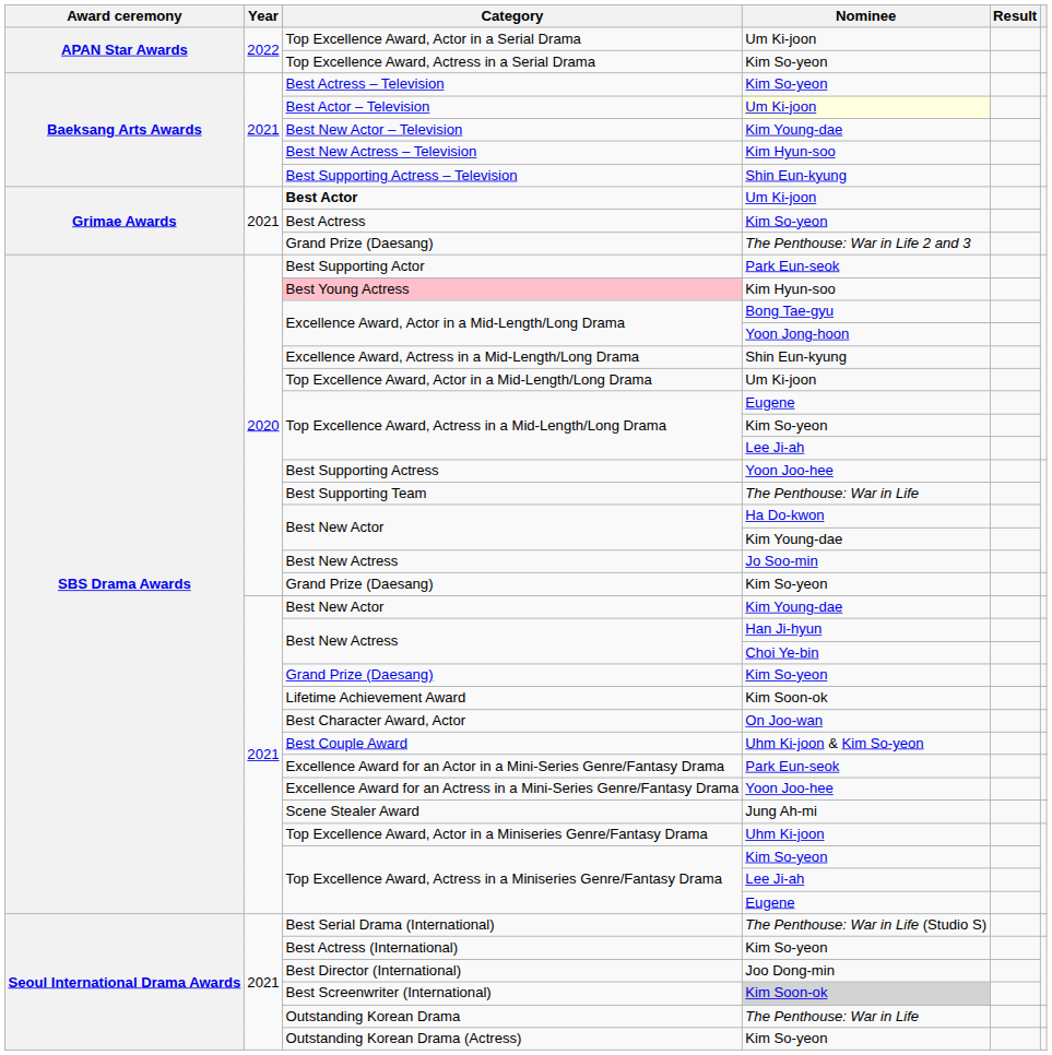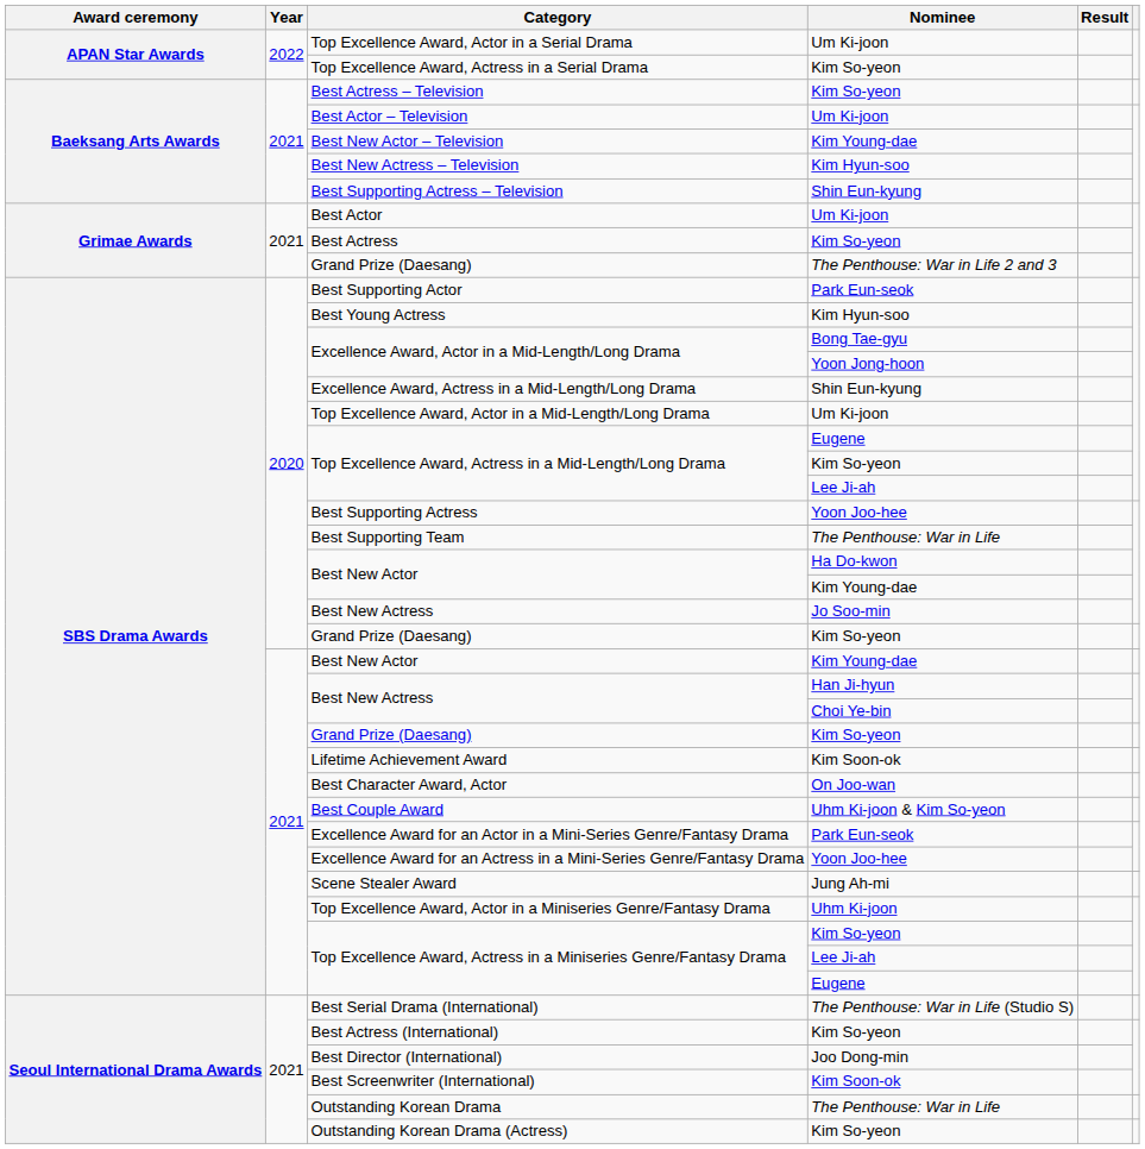 <table class="wikitable plainrowheaders sortable">
 <tr>
 <th scope="col">Award ceremony</th>
 <th scope="col">Year</th>
 <th scope="col">Category </th>
 <th scope="col">Nominee</th>
 <th scope="col">Result</th>
 <th scope="col" class="unsortable"></th>
 </tr>
 <tr>
 <th scope="row"  rowspan="2"><a href='#'>APAN Star Awards</a></th>
 <td rowspan="2" style="text-align:center"><a href='#'>2022</a></td>
 <td>Top Excellence Award, Actor in a Serial Drama</td>
 <td>Um Ki-joon</td>
 <td></td>
 <td rowspan="2" style="text-align:center"></td>
 </tr>
 <tr>
 <td>Top Excellence Award, Actress in a Serial Drama</td>
 <td>Kim So-yeon</td>
 <td></td>
 </tr>
 <tr>
 <th scope="row" rowspan="5"><a href='#'>Baeksang Arts Awards</a></th>
 <td rowspan="5" style="text-align:center"><a href='#'>2021</a></td>
 <td><a href='#'>Best Actress – Television</a></td>
 <td><a href='#'>Kim So-yeon</a></td>
 <td></td>
 <td style="text-align:center"></td>
 </tr>
 <tr>
 <td><a href='#'>Best Actor – Television</a></td>
-<td style="background: lightyellow;"><a href='#'>Um Ki-joon</a></td>
+<td><a href='#'>Um Ki-joon</a></td>
 <td></td>
 <td rowspan="4" style="text-align:center"></td>
 </tr>
 <tr>
 <td><a href='#'>Best New Actor – Television</a></td>
 <td><a href='#'>Kim Young-dae</a></td>
 <td></td>
 </tr>
 <tr>
 <td><a href='#'>Best New Actress – Television</a></td>
 <td><a href='#'>Kim Hyun-soo</a></td>
 <td></td>
 </tr>
 <tr>
 <td><a href='#'>Best Supporting Actress – Television</a></td>
 <td><a href='#'>Shin Eun-kyung</a></td>
 <td></td>
 </tr>
 <tr>
 <th scope="row" rowspan="3"><a href='#'>Grimae Awards</a></th>
 <td rowspan="3" style="text-align:center">2021</td>
-<td><strong>Best Actor</strong></td>
+<td>Best Actor</td>
 <td><a href='#'>Um Ki-joon</a></td>
 <td></td>
 <td rowspan="3" style="text-align:center"></td>
 </tr>
 <tr>
 <td>Best Actress</td>
 <td><a href='#'>Kim So-yeon</a></td>
 <td></td>
 </tr>
 <tr>
 <td>Grand Prize (Daesang)</td>
 <td><em>The Penthouse: War in Life 2 and 3</em></td>
 <td></td>
 </tr>
 <tr>
 <th scope="row" rowspan="29"><a href='#'>SBS Drama Awards</a></th>
 <td rowspan="15" style="text-align:center"><a href='#'>2020</a></td>
 <td>Best Supporting Actor</td>
 <td><a href='#'>Park Eun-seok</a></td>
 <td></td>
 <td rowspan="9" style="text-align:center"></td>
 </tr>
 <tr>
-<td style="background: pink;">Best Young Actress</td>
+<td>Best Young Actress</td>
 <td>Kim Hyun-soo</td>
 <td></td>
 </tr>
 <tr>
 <td rowspan="2">Excellence Award, Actor in a Mid-Length/Long Drama</td>
 <td><a href='#'>Bong Tae-gyu</a></td>
 <td></td>
 </tr>
 <tr>
 <td><a href='#'>Yoon Jong-hoon</a></td>
 <td></td>
 </tr>
 <tr>
 <td>Excellence Award, Actress in a Mid-Length/Long Drama</td>
 <td>Shin Eun-kyung</td>
 <td></td>
 </tr>
 <tr>
 <td>Top Excellence Award, Actor in a Mid-Length/Long Drama</td>
 <td>Um Ki-joon</td>
 <td></td>
 </tr>
 <tr>
 <td rowspan="3">Top Excellence Award, Actress in a Mid-Length/Long Drama</td>
 <td><a href='#'>Eugene</a></td>
 <td></td>
 </tr>
 <tr>
 <td>Kim So-yeon</td>
 <td></td>
 </tr>
 <tr>
 <td><a href='#'>Lee Ji-ah</a></td>
 <td></td>
 </tr>
 <tr>
 <td>Best Supporting Actress</td>
 <td><a href='#'>Yoon Joo-hee</a></td>
 <td></td>
 <td rowspan="5"></td>
 </tr>
 <tr>
 <td>Best Supporting Team</td>
 <td><em>The Penthouse: War in Life</em></td>
 <td></td>
 </tr>
 <tr>
 <td rowspan="2">Best New Actor</td>
 <td><a href='#'>Ha Do-kwon</a></td>
 <td></td>
 </tr>
 <tr>
 <td>Kim Young-dae</td>
 <td></td>
 </tr>
 <tr>
 <td>Best New Actress</td>
 <td><a href='#'>Jo Soo-min</a></td>
 <td></td>
 </tr>
 <tr>
 <td>Grand Prize (Daesang)</td>
 <td>Kim So-yeon</td>
 <td></td>
 <td style="text-align:center"></td>
 </tr>
 <tr>
 <td rowspan="14" style="text-align:center"><a href='#'>2021</a></td>
 <td>Best New Actor</td>
 <td><a href='#'>Kim Young-dae</a></td>
 <td></td>
 <td style="text-align:center"></td>
 </tr>
 <tr>
 <td rowspan="2">Best New Actress</td>
 <td><a href='#'>Han Ji-hyun</a></td>
 <td></td>
 <td rowspan="2"  style="text-align:center"></td>
 </tr>
 <tr>
 <td><a href='#'>Choi Ye-bin</a></td>
 <td></td>
 </tr>
 <tr>
 <td><a href='#'>Grand Prize (Daesang)</a></td>
 <td><a href='#'>Kim So-yeon</a></td>
 <td></td>
 <td style="text-align:center"></td>
 </tr>
 <tr>
 <td>Lifetime Achievement Award</td>
 <td>Kim Soon-ok</td>
 <td></td>
 <td style="text-align:center"></td>
 </tr>
 <tr>
 <td>Best Character Award, Actor</td>
 <td><a href='#'>On Joo-wan</a></td>
 <td></td>
 <td></td>
 </tr>
 <tr>
 <td><a href='#'>Best Couple Award</a></td>
 <td><a href='#'>Uhm Ki-joon</a> & <a href='#'>Kim So-yeon</a></td>
 <td></td>
 <td style="text-align:center"></td>
 </tr>
 <tr>
 <td>Excellence Award for an Actor in a Mini-Series Genre/Fantasy Drama</td>
 <td><a href='#'>Park Eun-seok</a></td>
 <td></td>
 <td rowspan="2"  style="text-align:center"></td>
 </tr>
 <tr>
 <td>Excellence Award for an Actress in a Mini-Series Genre/Fantasy Drama</td>
 <td><a href='#'>Yoon Joo-hee</a></td>
 <td></td>
 </tr>
 <tr>
 <td>Scene Stealer Award</td>
 <td>Jung Ah-mi</td>
 <td></td>
 <td style="text-align:center"></td>
 </tr>
 <tr>
 <td>Top Excellence Award, Actor in a Miniseries Genre/Fantasy Drama</td>
 <td><a href='#'>Uhm Ki-joon</a></td>
 <td></td>
 <td rowspan="4"  style="text-align:center"></td>
 </tr>
 <tr>
 <td rowspan="3">Top Excellence Award, Actress in a Miniseries Genre/Fantasy Drama</td>
 <td><a href='#'>Kim So-yeon</a></td>
 <td></td>
 </tr>
 <tr>
 <td><a href='#'>Lee Ji-ah</a></td>
 <td></td>
 </tr>
 <tr>
 <td><a href='#'>Eugene</a></td>
 <td></td>
 </tr>
 <tr>
 <th scope="row" rowspan="6"><a href='#'>Seoul International Drama Awards</a></th>
 <td rowspan="6" style="text-align:center">2021</td>
 <td>Best Serial Drama (International)</td>
 <td><em>The Penthouse: War in Life</em> (Studio S)</td>
 <td></td>
 <td style="text-align:center"></td>
 </tr>
 <tr>
 <td>Best Actress (International)</td>
 <td>Kim So-yeon</td>
 <td></td>
 <td rowspan="3" style="text-align:center"></td>
 </tr>
 <tr>
 <td>Best Director (International)</td>
 <td>Joo Dong-min</td>
 <td></td>
 </tr>
 <tr>
 <td>Best Screenwriter (International)</td>
-<td style="background: lightgrey;"><a href='#'>Kim Soon-ok</a></td>
+<td><a href='#'>Kim Soon-ok</a></td>
 <td></td>
 </tr>
 <tr>
 <td>Outstanding Korean Drama</td>
 <td><em>The Penthouse: War in Life</em></td>
 <td></td>
 <td style="text-align:center"></td>
 </tr>
 <tr>
 <td>Outstanding Korean Drama (Actress)</td>
 <td>Kim So-yeon</td>
 <td></td>
 <td style="text-align:center"></td>
 </tr>
 </table>
